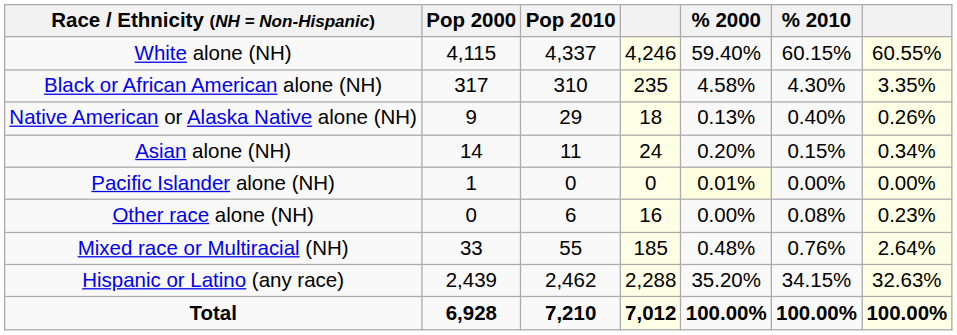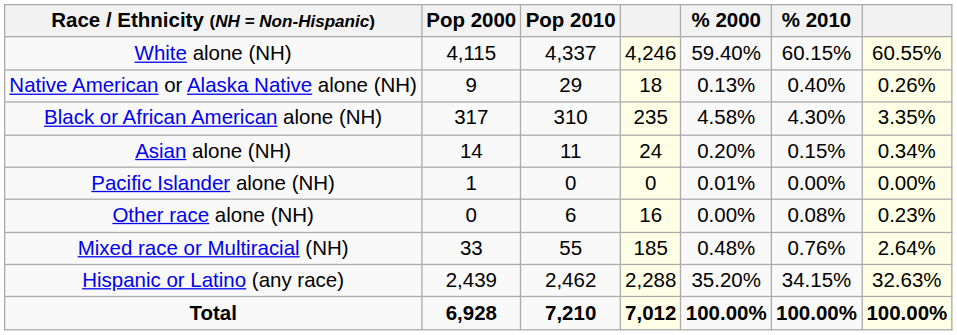 <table class="wikitable" style="text-align:center;">
 <tr>
 <th>Race / Ethnicity <small>(<em>NH = Non-Hispanic</em>)</small></th>
 <th>Pop 2000</th>
 <th>Pop 2010</th>
 <th></th>
 <th>% 2000</th>
 <th>% 2010</th>
 <th></th>
 </tr>
 <tr>
 <td><a href='#'>White</a> alone (NH)</td>
 <td>4,115</td>
 <td>4,337</td>
 <td style='background: #ffffe6;'>4,246</td>
 <td>59.40%</td>
 <td>60.15%</td>
 <td style='background: #ffffe6;'>60.55%</td>
 </tr>
 <tr>
+<td><a href='#'>Native American</a> or <a href='#'>Alaska Native</a> alone (NH)</td>
+<td>9</td>
+<td>29</td>
+<td style='background: #ffffe6;'>18</td>
+<td>0.13%</td>
+<td>0.40%</td>
+<td style='background: #ffffe6;'>0.26%</td>
+</tr>
+<tr>
 <td><a href='#'>Black or African American</a> alone (NH)</td>
 <td>317</td>
 <td>310</td>
 <td style='background: #ffffe6;'>235</td>
 <td>4.58%</td>
 <td>4.30%</td>
 <td style='background: #ffffe6;'>3.35%</td>
-</tr>
-<tr>
-<td><a href='#'>Native American</a> or <a href='#'>Alaska Native</a> alone (NH)</td>
-<td>9</td>
-<td>29</td>
-<td style='background: #ffffe6;'>18</td>
-<td>0.13%</td>
-<td>0.40%</td>
-<td style='background: #ffffe6;'>0.26%</td>
 </tr>
 <tr>
 <td><a href='#'>Asian</a> alone (NH)</td>
 <td>14</td>
 <td>11</td>
 <td style='background: #ffffe6;'>24</td>
 <td>0.20%</td>
 <td>0.15%</td>
 <td style='background: #ffffe6;'>0.34%</td>
 </tr>
 <tr>
 <td><a href='#'>Pacific Islander</a> alone (NH)</td>
 <td>1</td>
 <td>0</td>
 <td style='background: #ffffe6;'>0</td>
-<td style="background: lightyellow;">0.01%</td>
+<td>0.01%</td>
 <td>0.00%</td>
 <td style='background: #ffffe6;'>0.00%</td>
 </tr>
 <tr>
 <td><a href='#'>Other race</a> alone (NH)</td>
 <td>0</td>
 <td>6</td>
 <td style='background: #ffffe6;'>16</td>
 <td>0.00%</td>
 <td>0.08%</td>
 <td style='background: #ffffe6;'>0.23%</td>
 </tr>
 <tr>
 <td><a href='#'>Mixed race or Multiracial</a> (NH)</td>
 <td>33</td>
 <td>55</td>
 <td style='background: #ffffe6;'>185</td>
 <td>0.48%</td>
 <td>0.76%</td>
 <td style='background: #ffffe6;'>2.64%</td>
 </tr>
 <tr>
 <td><a href='#'>Hispanic or Latino</a> (any race)</td>
 <td>2,439</td>
 <td>2,462</td>
 <td style='background: #ffffe6;'>2,288</td>
 <td>35.20%</td>
 <td>34.15%</td>
 <td style='background: #ffffe6;'>32.63%</td>
 </tr>
 <tr>
 <td><strong>Total</strong></td>
 <td><strong>6,928</strong></td>
 <td><strong>7,210</strong></td>
 <td style='background: #ffffe6;'><strong>7,012</strong></td>
 <td><strong>100.00%</strong></td>
 <td><strong>100.00%</strong></td>
 <td style='background: #ffffe6;'><strong>100.00%</strong></td>
 </tr>
 </table>
